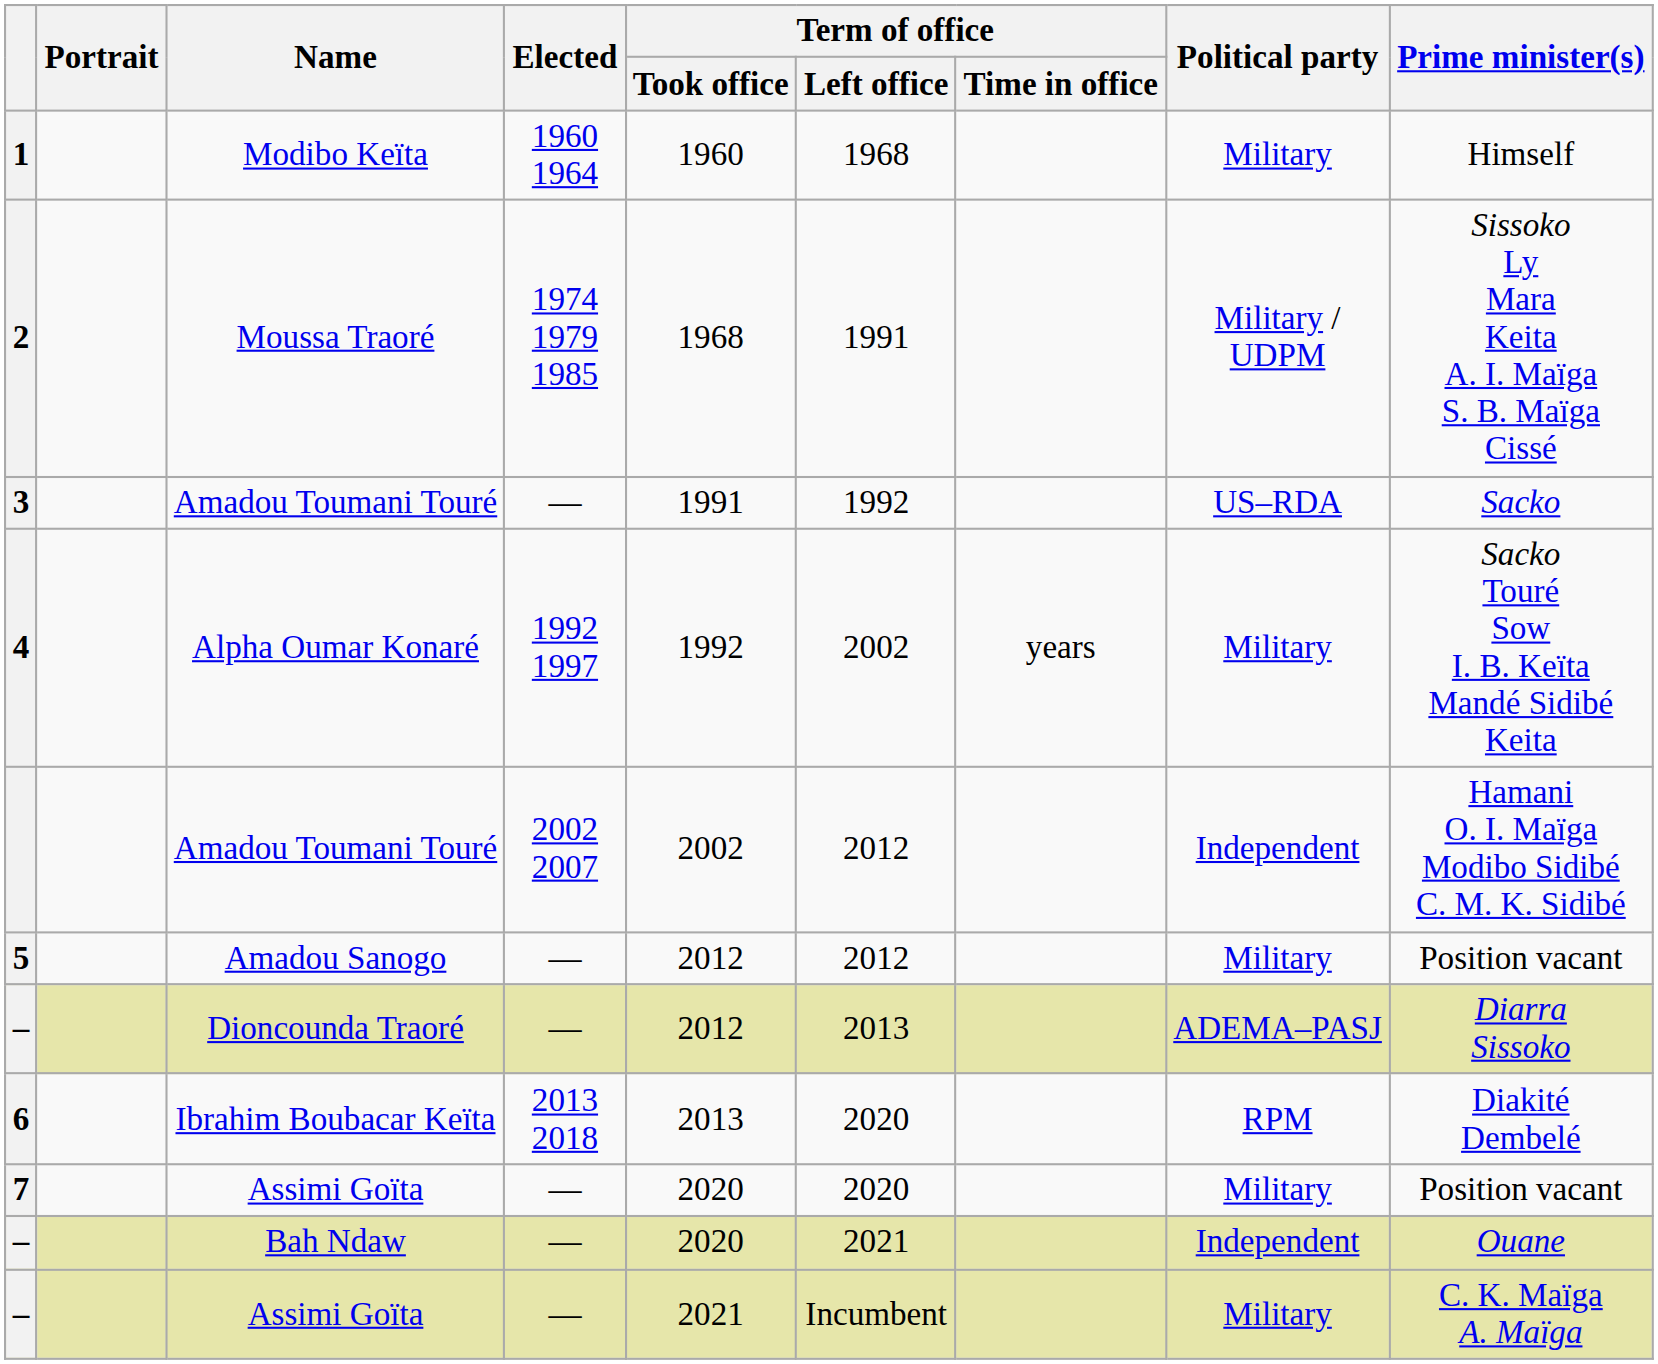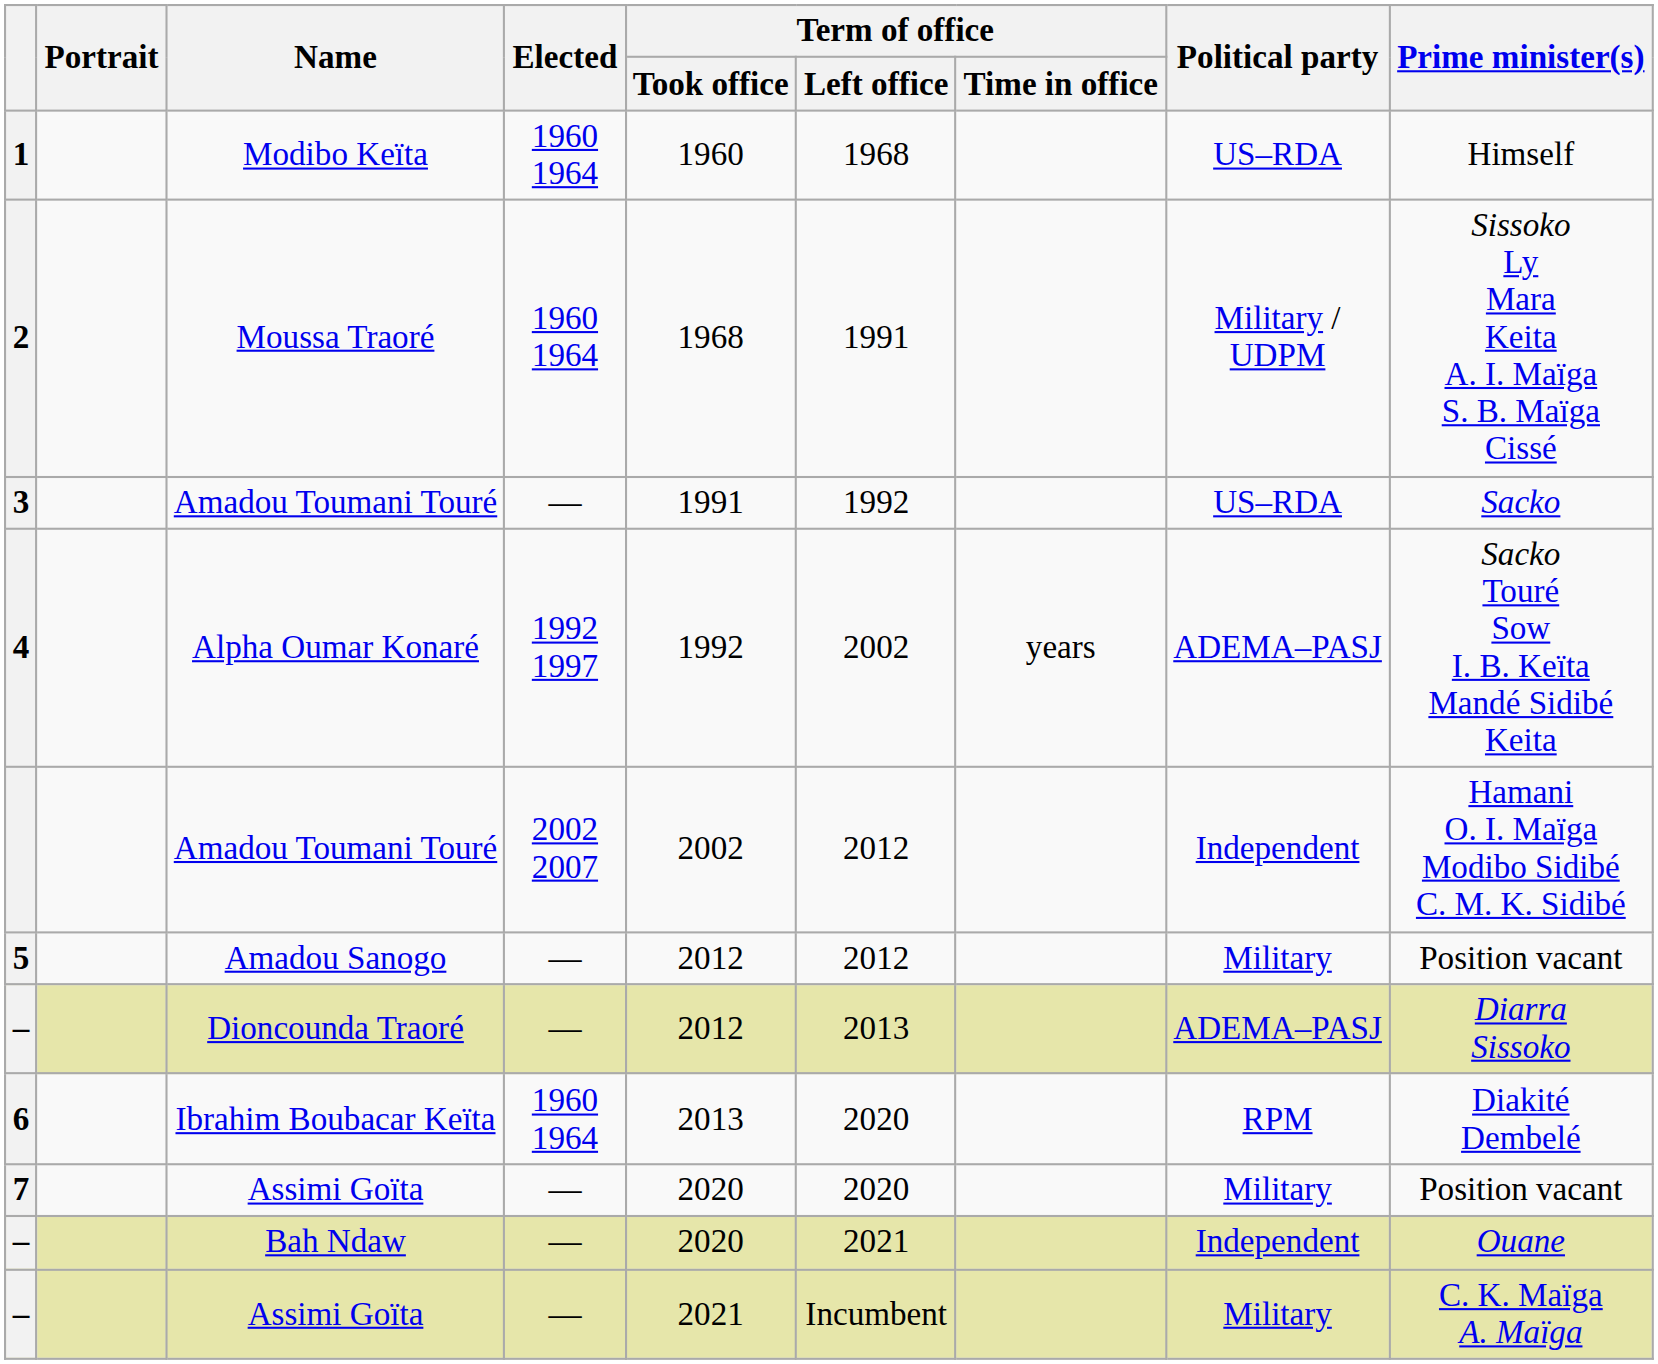 <table class="wikitable" style="text-align:center">
 <tr>
 <th rowspan="2"></th>
 <th rowspan="2">Portrait</th>
 <th rowspan="2">Name<br></th>
 <th rowspan="2">Elected</th>
 <th colspan="3">Term of office</th>
 <th rowspan="2">Political party</th>
 <th rowspan="2"><a href='#'>Prime minister(s)</a></th>
 </tr>
 <tr>
 <th>Took office</th>
 <th>Left office</th>
 <th>Time in office</th>
 </tr>
 <tr>
 <th style="background:">1</th>
 <td></td>
 <td><a href='#'>Modibo Keïta</a><br></td>
 <td><a href='#'>1960</a><br><a href='#'>1964</a></td>
 <td> 1960</td>
 <td> 1968<br></td>
 <td></td>
-<td><a href='#'>Military</a></td>
+<td><a href='#'>US–RDA</a></td>
 <td>Himself</td>
 </tr>
 <tr>
 <th style="background:">2</th>
 <td></td>
 <td><a href='#'>Moussa Traoré</a><br></td>
-<td><a href='#'>1974</a><br><a href='#'>1979</a><br><a href='#'>1985</a></td>
+<td><a href='#'>1960</a><br><a href='#'>1964</a></td>
 <td> 1968</td>
 <td> 1991<br></td>
 <td></td>
 <td><a href='#'>Military</a> / <br><a href='#'>UDPM</a></td>
 <td><em>Sissoko</em><br><a href='#'>Ly</a><br><a href='#'>Mara</a><br><a href='#'>Keita</a><br><a href='#'>A. I. Maïga</a><br><a href='#'>S. B. Maïga</a><br><a href='#'>Cissé</a></td>
 </tr>
 <tr>
 <th style="background:">3</th>
 <td></td>
 <td><a href='#'>Amadou Toumani Touré</a><br></td>
 <td>—</td>
 <td> 1991</td>
 <td> 1992</td>
 <td></td>
 <td><a href='#'>US–RDA</a></td>
 <td><em><a href='#'>Sacko</a></em></td>
 </tr>
 <tr>
 <th style="background:">4</th>
 <td></td>
 <td><a href='#'>Alpha Oumar Konaré</a><br></td>
 <td><a href='#'>1992</a><br><a href='#'>1997</a></td>
 <td> 1992</td>
 <td> 2002</td>
 <td> years</td>
-<td><a href='#'>Military</a></td>
+<td><a href='#'>ADEMA–PASJ</a></td>
 <td><em>Sacko</em><br><a href='#'>Touré</a><br><a href='#'>Sow</a><br><a href='#'>I. B. Keïta</a><br><a href='#'>Mandé Sidibé</a><br><a href='#'>Keita</a></td>
 </tr>
 <tr>
 <th style="background:"></th>
 <td></td>
 <td><a href='#'>Amadou Toumani Touré</a><br></td>
 <td><a href='#'>2002</a><br><a href='#'>2007</a></td>
 <td> 2002</td>
 <td> 2012<br></td>
 <td></td>
 <td><a href='#'>Independent</a></td>
 <td><a href='#'>Hamani</a><br><a href='#'>O. I. Maïga</a><br><a href='#'>Modibo Sidibé</a><br><a href='#'>C. M. K. Sidibé</a></td>
 </tr>
 <tr>
 <th style="background:">5</th>
 <td></td>
 <td><a href='#'>Amadou Sanogo</a><br></td>
 <td>—</td>
 <td> 2012</td>
 <td> 2012</td>
 <td></td>
 <td><a href='#'>Military</a></td>
 <td>Position vacant</td>
 </tr>
 <tr style="background:#e6e6aa;">
 <th style="background:">–</th>
 <td></td>
 <td><a href='#'>Dioncounda Traoré</a><br></td>
 <td>—</td>
 <td> 2012</td>
 <td> 2013</td>
 <td></td>
 <td><a href='#'>ADEMA–PASJ</a></td>
 <td><em><a href='#'>Diarra</a></em><br><em><a href='#'>Sissoko</a></em></td>
 </tr>
 <tr>
 <th style="background:">6</th>
 <td></td>
 <td><a href='#'>Ibrahim Boubacar Keïta</a><br></td>
-<td><a href='#'>2013</a><br><a href='#'>2018</a></td>
+<td><a href='#'>1960</a><br><a href='#'>1964</a></td>
 <td> 2013</td>
 <td> 2020<br></td>
 <td></td>
 <td><a href='#'>RPM</a></td>
 <td><a href='#'>Diakité</a><br><a href='#'>Dembelé</a></td>
 </tr>
 <tr>
 <th style="background:">7</th>
 <td></td>
 <td><a href='#'>Assimi Goïta</a><br></td>
 <td>—</td>
 <td> 2020</td>
 <td> 2020</td>
 <td></td>
 <td><a href='#'>Military</a></td>
 <td>Position vacant</td>
 </tr>
 <tr style="background:#e6e6aa;">
 <th style="background:">–</th>
 <td></td>
 <td><a href='#'>Bah Ndaw</a><br></td>
 <td>—</td>
 <td> 2020</td>
 <td> 2021<br></td>
 <td></td>
 <td><a href='#'>Independent</a></td>
 <td><em><a href='#'>Ouane</a></em></td>
 </tr>
 <tr style="background:#e6e6aa;">
 <th style="background:">–</th>
 <td></td>
 <td><a href='#'>Assimi Goïta</a><br></td>
 <td>—</td>
 <td> 2021</td>
 <td>Incumbent</td>
 <td></td>
 <td><a href='#'>Military</a></td>
 <td><a href='#'>C. K. Maïga</a><br><em><a href='#'>A. Maïga</a></em></td>
 </tr>
 </table>
